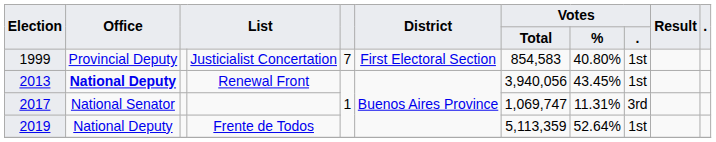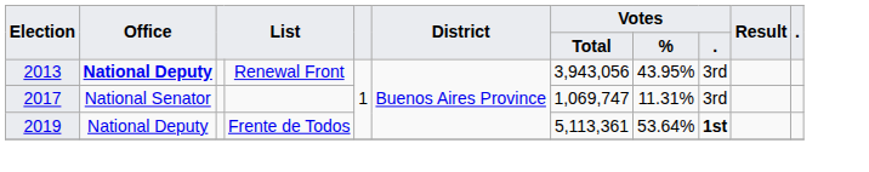 <table class="wikitable" style="font-size:90%; text-align:center;">
 <tr>
 <th style="background-color:#EAECF0;" rowspan=2>Election</th>
 <th style="background-color:#EAECF0;" rowspan=2>Office</th>
 <th style="background-color:#EAECF0;" colspan=2 rowspan=2>List</th>
 <th style="background-color:#EAECF0;" rowspan=2></th>
 <th style="background-color:#EAECF0;" rowspan=2>District</th>
 <th style="background-color:#EAECF0;" colspan=3>Votes</th>
 <th style="background-color:#EAECF0;" rowspan=2>Result</th>
 <th style="background-color:#EAECF0;" rowspan=2>.</th>
 </tr>
 <tr>
 <th style="background-color:#EAECF0;">Total</th>
 <th style="background-color:#EAECF0;">%</th>
 <th style="background-color:#EAECF0;">.</th>
 </tr>
 <tr>
-<td style="background-color:#EAECF0;">1999</td>
-<td><a href='#'>Provincial Deputy</a></td>
-<td style="background-color:"></td>
-<td><a href='#'>Justicialist Concertation</a></td>
-<td>7</td>
-<td><a href='#'>First Electoral Section</a></td>
-<td>854,583</td>
-<td>40.80%</td>
-<td>1st</td>
-<td></td>
-<td></td>
-</tr>
-<tr>
 <td style="background-color:#EAECF0;"><a href='#'>2013</a></td>
 <td><strong><a href='#'>National Deputy</a></strong></td>
 <td style="background-color:"></td>
 <td><a href='#'>Renewal Front</a></td>
 <td rowspan="3">1</td>
 <td rowspan="3"><a href='#'>Buenos Aires Province</a></td>
-<td>3,940,056</td>
-<td>43.45%</td>
-<td>1st</td>
+<td>3,943,056</td>
+<td>43.95%</td>
+<td>3rd</td>
 <td></td>
 <td></td>
 </tr>
 <tr>
 <td style="background-color:#EAECF0;"><a href='#'>2017</a></td>
 <td><a href='#'>National Senator</a></td>
 <td style="background-color:"></td>
 <td></td>
 <td>1,069,747</td>
 <td>11.31%</td>
 <td>3rd</td>
 <td></td>
 <td></td>
 </tr>
 <tr>
 <td style="background-color:#EAECF0;"><a href='#'>2019</a></td>
 <td><a href='#'>National Deputy</a></td>
 <td style="background-color:"></td>
 <td><a href='#'>Frente de Todos</a></td>
-<td>5,113,359</td>
-<td>52.64%</td>
-<td>1st</td>
+<td>5,113,361</td>
+<td>53.64%</td>
+<td><strong>1st</strong></td>
 <td></td>
 <td></td>
 </tr>
 <tr>
 </tr>
 </table>
